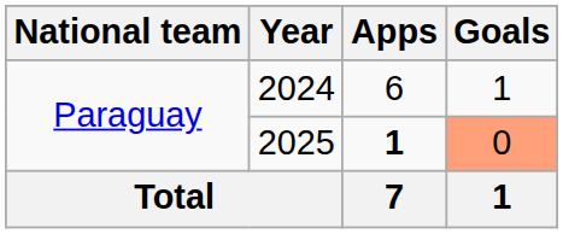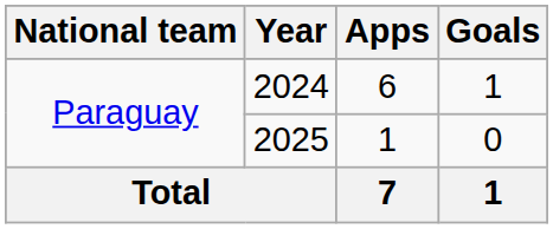 <table class="wikitable" style="text-align: center;">
 <tr>
 <th>National team</th>
 <th>Year</th>
 <th>Apps</th>
 <th>Goals</th>
 </tr>
 <tr>
 <td rowspan="2"><a href='#'>Paraguay</a></td>
 <td>2024</td>
 <td>6</td>
 <td>1</td>
 </tr>
 <tr>
 <td>2025</td>
-<td><strong>1</strong></td>
-<td style="background: lightsalmon;">0</td>
+<td>1</td>
+<td>0</td>
 </tr>
 <tr>
 <th colspan="2">Total</th>
 <th>7</th>
 <th>1</th>
 </tr>
 </table>
